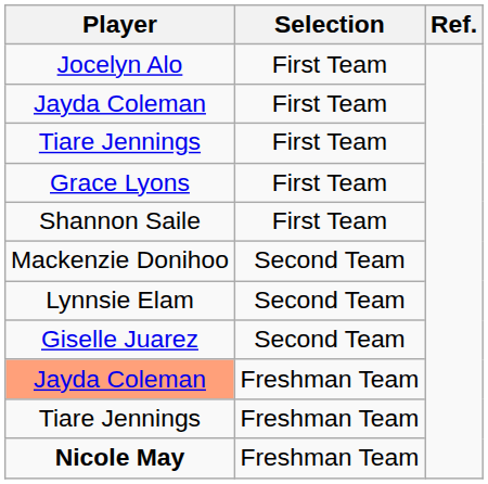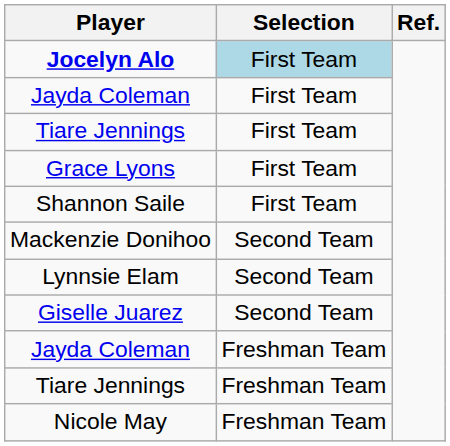 <table class="wikitable sortable sortable" style="text-align: center">
 <tr align=center>
 <th>Player</th>
 <th>Selection</th>
 <th>Ref.</th>
 </tr>
 <tr>
-<td><a href='#'>Jocelyn Alo</a></td>
-<td>First Team</td>
+<td><strong><a href='#'>Jocelyn Alo</a></strong></td>
+<td style="background: lightblue;">First Team</td>
 <td rowspan="11"></td>
 </tr>
 <tr>
 <td><a href='#'>Jayda Coleman</a></td>
 <td>First Team</td>
 </tr>
 <tr>
 <td><a href='#'>Tiare Jennings</a></td>
 <td>First Team</td>
 </tr>
 <tr>
 <td><a href='#'>Grace Lyons</a></td>
 <td>First Team</td>
 </tr>
 <tr>
 <td>Shannon Saile</td>
 <td>First Team</td>
 </tr>
 <tr>
 <td>Mackenzie Donihoo</td>
 <td>Second Team</td>
 </tr>
 <tr>
 <td>Lynnsie Elam</td>
 <td>Second Team</td>
 </tr>
 <tr>
 <td><a href='#'>Giselle Juarez</a></td>
 <td>Second Team</td>
 </tr>
 <tr>
-<td style="background: lightsalmon;"><a href='#'>Jayda Coleman</a></td>
+<td><a href='#'>Jayda Coleman</a></td>
 <td>Freshman Team</td>
 </tr>
 <tr>
 <td>Tiare Jennings</td>
 <td>Freshman Team</td>
 </tr>
 <tr>
-<td><strong>Nicole May</strong></td>
+<td>Nicole May</td>
 <td>Freshman Team</td>
 </tr>
 </table>
